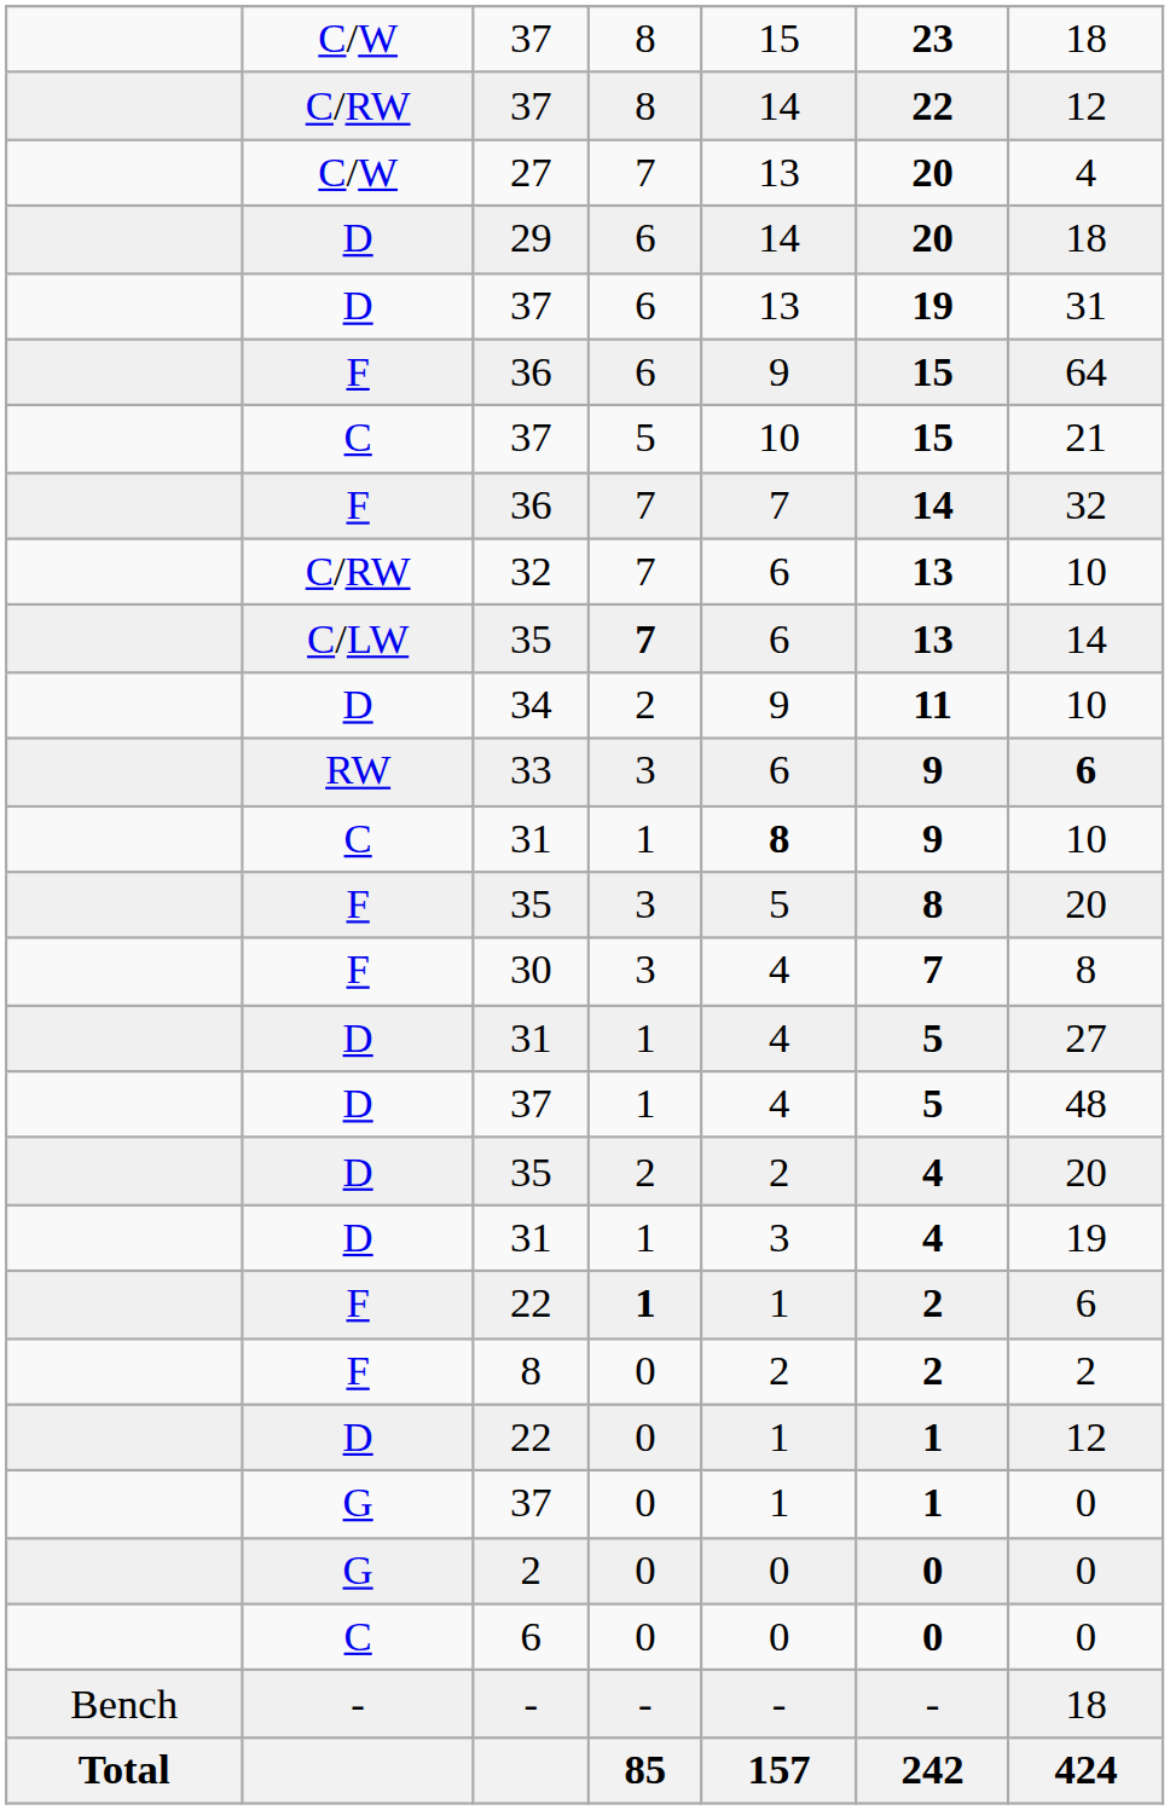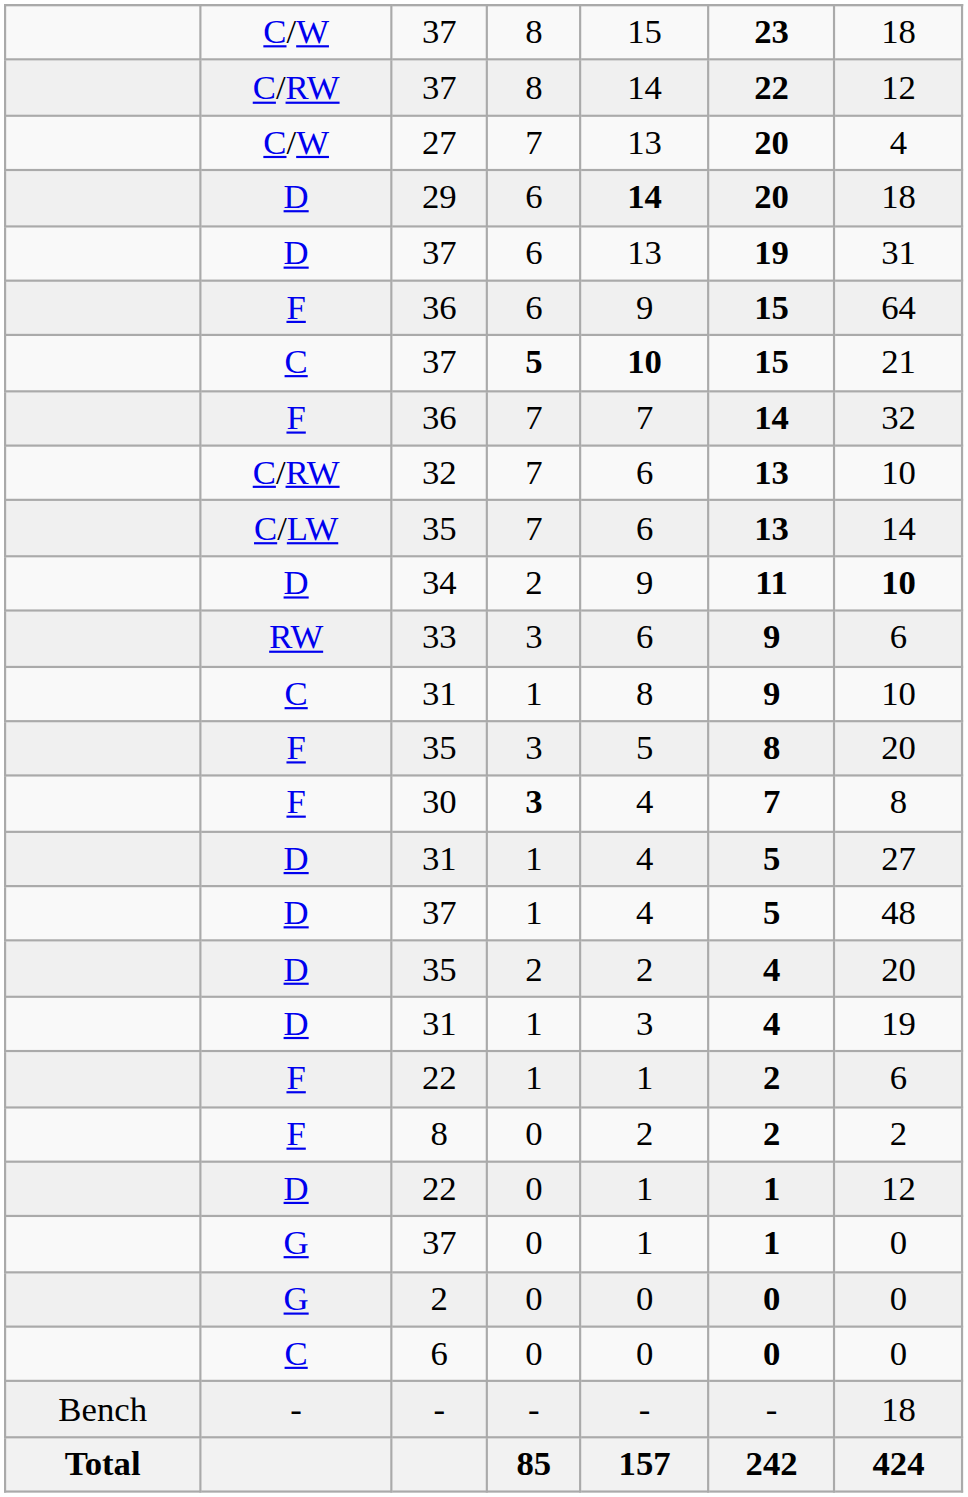 <table class="wikitable sortable" width=50%>
 <tr align="center">
 </tr>
 <tr align="center" bgcolor="">
 <td></td>
 <td><a href='#'>C</a>/<a href='#'>W</a></td>
 <td>37</td>
 <td>8</td>
 <td>15</td>
 <td><strong>23</strong></td>
 <td>18</td>
 </tr>
 <tr align="center" bgcolor="f0f0f0">
 <td></td>
 <td><a href='#'>C</a>/<a href='#'>RW</a></td>
 <td>37</td>
 <td>8</td>
 <td>14</td>
 <td><strong>22</strong></td>
 <td>12</td>
 </tr>
 <tr align="center" bgcolor="">
 <td></td>
 <td><a href='#'>C</a>/<a href='#'>W</a></td>
 <td>27</td>
 <td>7</td>
 <td>13</td>
 <td><strong>20</strong></td>
 <td>4</td>
 </tr>
 <tr align="center" bgcolor="f0f0f0">
 <td></td>
 <td><a href='#'>D</a></td>
 <td>29</td>
 <td>6</td>
-<td>14</td>
+<td><strong>14</strong></td>
 <td><strong>20</strong></td>
 <td>18</td>
 </tr>
 <tr align="center" bgcolor="">
 <td></td>
 <td><a href='#'>D</a></td>
 <td>37</td>
 <td>6</td>
 <td>13</td>
 <td><strong>19</strong></td>
 <td>31</td>
 </tr>
 <tr align="center" bgcolor="f0f0f0">
 <td></td>
 <td><a href='#'>F</a></td>
 <td>36</td>
 <td>6</td>
 <td>9</td>
 <td><strong>15</strong></td>
 <td>64</td>
 </tr>
 <tr align="center" bgcolor="">
 <td></td>
 <td><a href='#'>C</a></td>
 <td>37</td>
-<td>5</td>
-<td>10</td>
+<td><strong>5</strong></td>
+<td><strong>10</strong></td>
 <td><strong>15</strong></td>
 <td>21</td>
 </tr>
 <tr align="center" bgcolor="f0f0f0">
 <td></td>
 <td><a href='#'>F</a></td>
 <td>36</td>
 <td>7</td>
 <td>7</td>
 <td><strong>14</strong></td>
 <td>32</td>
 </tr>
 <tr align="center" bgcolor="">
 <td></td>
 <td><a href='#'>C</a>/<a href='#'>RW</a></td>
 <td>32</td>
 <td>7</td>
 <td>6</td>
 <td><strong>13</strong></td>
 <td>10</td>
 </tr>
 <tr align="center" bgcolor="f0f0f0">
 <td></td>
 <td><a href='#'>C</a>/<a href='#'>LW</a></td>
 <td>35</td>
-<td><strong>7</strong></td>
+<td>7</td>
 <td>6</td>
 <td><strong>13</strong></td>
 <td>14</td>
 </tr>
 <tr align="center" bgcolor="">
 <td></td>
 <td><a href='#'>D</a></td>
 <td>34</td>
 <td>2</td>
 <td>9</td>
 <td><strong>11</strong></td>
-<td>10</td>
+<td><strong>10</strong></td>
 </tr>
 <tr align="center" bgcolor="f0f0f0">
 <td></td>
 <td><a href='#'>RW</a></td>
 <td>33</td>
 <td>3</td>
 <td>6</td>
 <td><strong>9</strong></td>
-<td><strong>6</strong></td>
+<td>6</td>
 </tr>
 <tr align="center" bgcolor="">
 <td></td>
 <td><a href='#'>C</a></td>
 <td>31</td>
 <td>1</td>
-<td><strong>8</strong></td>
+<td>8</td>
 <td><strong>9</strong></td>
 <td>10</td>
 </tr>
 <tr align="center" bgcolor="f0f0f0">
 <td></td>
 <td><a href='#'>F</a></td>
 <td>35</td>
 <td>3</td>
 <td>5</td>
 <td><strong>8</strong></td>
 <td>20</td>
 </tr>
 <tr align="center" bgcolor="">
 <td></td>
 <td><a href='#'>F</a></td>
 <td>30</td>
-<td>3</td>
+<td><strong>3</strong></td>
 <td>4</td>
 <td><strong>7</strong></td>
 <td>8</td>
 </tr>
 <tr align="center" bgcolor="f0f0f0">
 <td></td>
 <td><a href='#'>D</a></td>
 <td>31</td>
 <td>1</td>
 <td>4</td>
 <td><strong>5</strong></td>
 <td>27</td>
 </tr>
 <tr align="center" bgcolor="">
 <td></td>
 <td><a href='#'>D</a></td>
 <td>37</td>
 <td>1</td>
 <td>4</td>
 <td><strong>5</strong></td>
 <td>48</td>
 </tr>
 <tr align="center" bgcolor="f0f0f0">
 <td></td>
 <td><a href='#'>D</a></td>
 <td>35</td>
 <td>2</td>
 <td>2</td>
 <td><strong>4</strong></td>
 <td>20</td>
 </tr>
 <tr align="center" bgcolor="">
 <td></td>
 <td><a href='#'>D</a></td>
 <td>31</td>
 <td>1</td>
 <td>3</td>
 <td><strong>4</strong></td>
 <td>19</td>
 </tr>
 <tr align="center" bgcolor="f0f0f0">
 <td></td>
 <td><a href='#'>F</a></td>
 <td>22</td>
-<td><strong>1</strong></td>
+<td>1</td>
 <td>1</td>
 <td><strong>2</strong></td>
 <td>6</td>
 </tr>
 <tr align="center" bgcolor="">
 <td></td>
 <td><a href='#'>F</a></td>
 <td>8</td>
 <td>0</td>
 <td>2</td>
 <td><strong>2</strong></td>
 <td>2</td>
 </tr>
 <tr align="center" bgcolor="f0f0f0">
 <td></td>
 <td><a href='#'>D</a></td>
 <td>22</td>
 <td>0</td>
 <td>1</td>
 <td><strong>1</strong></td>
 <td>12</td>
 </tr>
 <tr align="center" bgcolor="">
 <td></td>
 <td><a href='#'>G</a></td>
 <td>37</td>
 <td>0</td>
 <td>1</td>
 <td><strong>1</strong></td>
 <td>0</td>
 </tr>
 <tr align="center" bgcolor="f0f0f0">
 <td></td>
 <td><a href='#'>G</a></td>
 <td>2</td>
 <td>0</td>
 <td>0</td>
 <td><strong>0</strong></td>
 <td>0</td>
 </tr>
 <tr align="center" bgcolor="">
 <td></td>
 <td><a href='#'>C</a></td>
 <td>6</td>
 <td>0</td>
 <td>0</td>
 <td><strong>0</strong></td>
 <td>0</td>
 </tr>
 <tr align="center" bgcolor="f0f0f0">
 <td>Bench</td>
 <td>-</td>
 <td>-</td>
 <td>-</td>
 <td>-</td>
 <td>-</td>
 <td>18</td>
 </tr>
 <tr>
 <th>Total</th>
 <th></th>
 <th></th>
 <th>85</th>
 <th>157</th>
 <th>242</th>
 <th>424</th>
 </tr>
 </table>
